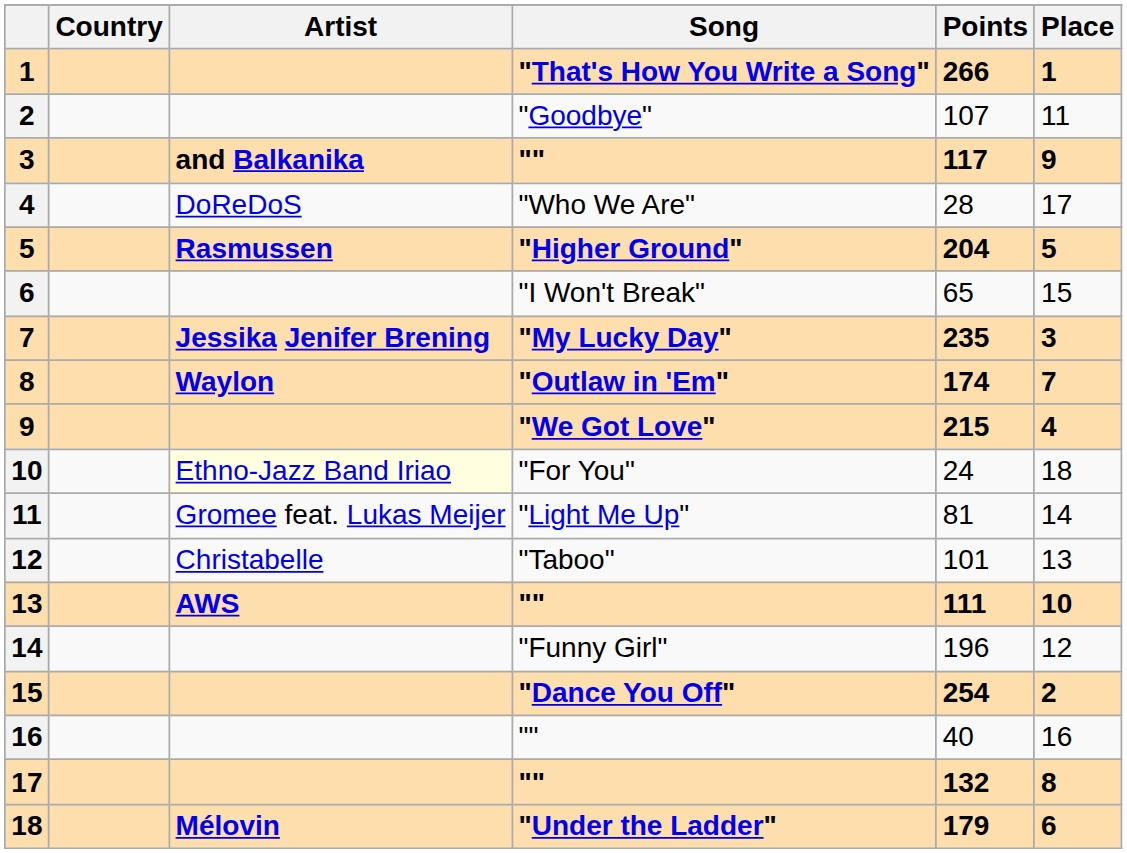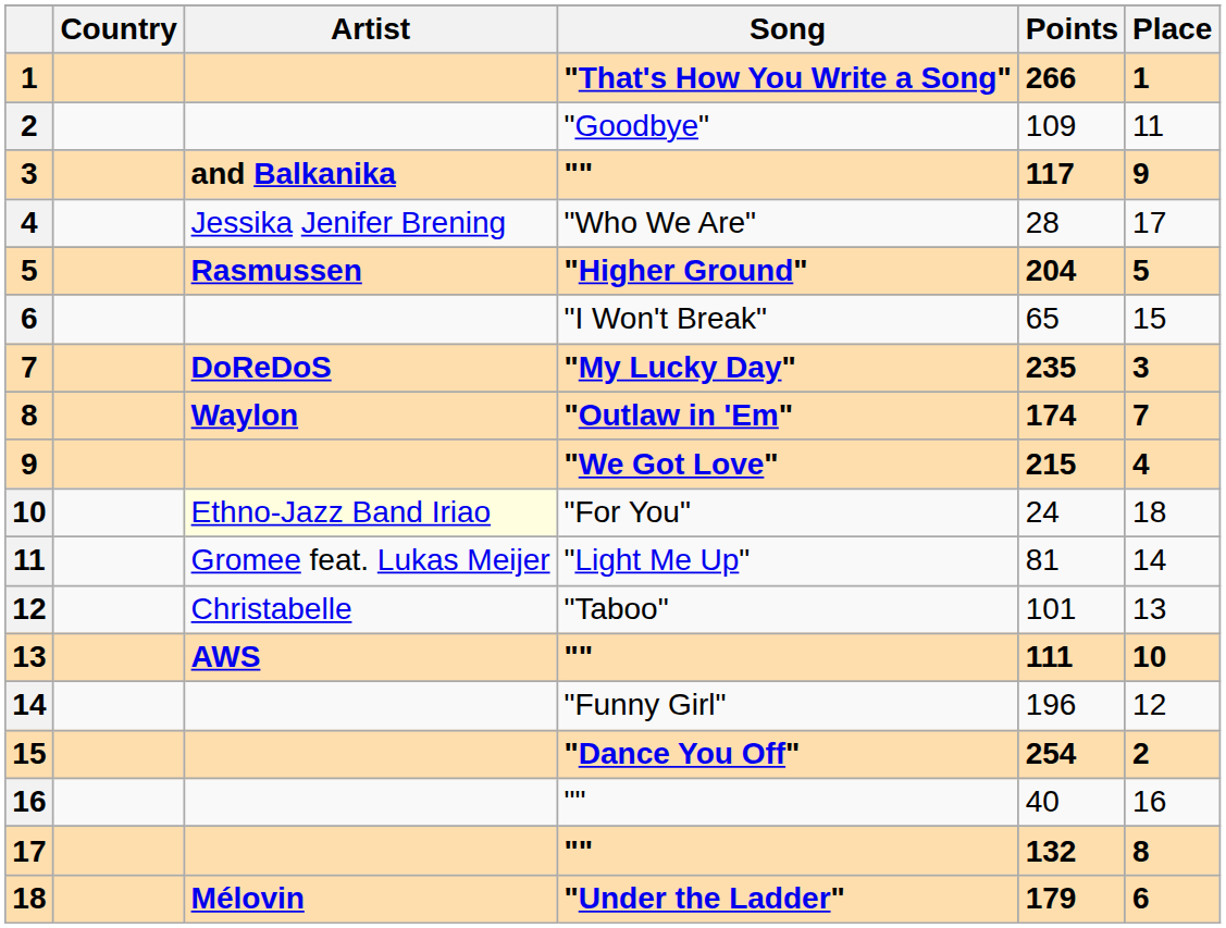 <table class="sortable wikitable plainrowheaders">
 <tr>
 </tr>
 <tr>
 <th scope="col"></th>
 <th scope="col">Country</th>
 <th scope="col">Artist</th>
 <th scope="col">Song</th>
 <th scope="col">Points</th>
 <th scope="col">Place</th>
 </tr>
 <tr style="font-weight:bold; background:navajowhite;">
 <th scope="row" style="text-align:center; font-weight:bold; background:navajowhite;">1</th>
 <td></td>
 <td></td>
 <td>"<a href='#'>That's How You Write a Song</a>"</td>
 <td>266</td>
 <td>1</td>
 </tr>
 <tr>
 <th scope="row" style="text-align:center;">2</th>
 <td></td>
 <td></td>
 <td>"<a href='#'>Goodbye</a>"</td>
-<td>107</td>
+<td>109</td>
 <td>11</td>
 </tr>
 <tr style="font-weight:bold; background:navajowhite;">
 <th scope="row" style="text-align:center; font-weight:bold; background:navajowhite;">3</th>
 <td></td>
 <td> and <a href='#'>Balkanika</a></td>
 <td>""</td>
 <td>117</td>
 <td>9</td>
 </tr>
 <tr>
 <th scope="row" style="text-align:center;">4</th>
 <td></td>
-<td><a href='#'>DoReDoS</a></td>
+<td><a href='#'>Jessika</a>  <a href='#'>Jenifer Brening</a></td>
 <td>"Who We Are"</td>
 <td>28</td>
 <td>17</td>
 </tr>
 <tr style="font-weight:bold; background:navajowhite;">
 <th scope="row" style="text-align:center; font-weight:bold; background:navajowhite;">5</th>
 <td></td>
 <td><a href='#'>Rasmussen</a></td>
 <td>"<a href='#'>Higher Ground</a>"</td>
 <td>204</td>
 <td>5</td>
 </tr>
 <tr>
 <th scope="row" style="text-align:center;">6</th>
 <td></td>
 <td></td>
 <td>"I Won't Break"</td>
 <td>65</td>
 <td>15</td>
 </tr>
 <tr style="font-weight:bold; background:navajowhite;">
 <th scope="row" style="text-align:center; font-weight:bold; background:navajowhite;">7</th>
 <td></td>
-<td><a href='#'>Jessika</a>  <a href='#'>Jenifer Brening</a></td>
+<td><a href='#'>DoReDoS</a></td>
 <td>"<a href='#'>My Lucky Day</a>"</td>
 <td>235</td>
 <td>3</td>
 </tr>
 <tr style="font-weight:bold; background:navajowhite;">
 <th scope="row" style="text-align:center; font-weight:bold; background:navajowhite;">8</th>
 <td></td>
 <td><a href='#'>Waylon</a></td>
 <td>"<a href='#'>Outlaw in 'Em</a>"</td>
 <td>174</td>
 <td>7</td>
 </tr>
 <tr style="font-weight:bold; background:navajowhite;">
 <th scope="row" style="text-align:center; font-weight:bold; background:navajowhite;">9</th>
 <td></td>
 <td></td>
 <td>"<a href='#'>We Got Love</a>"</td>
 <td>215</td>
 <td>4</td>
 </tr>
 <tr>
 <th scope="row" style="text-align:center;">10</th>
 <td></td>
 <td data-sort-value="Iriao" style="background: lightyellow;"><a href='#'>Ethno-Jazz Band Iriao</a></td>
 <td>"For You"</td>
 <td>24</td>
 <td>18</td>
 </tr>
 <tr>
 <th scope="row" style="text-align:center;">11</th>
 <td></td>
 <td><a href='#'>Gromee</a> feat. <a href='#'>Lukas Meijer</a></td>
 <td>"<a href='#'>Light Me Up</a>"</td>
 <td>81</td>
 <td>14</td>
 </tr>
 <tr>
 <th scope="row" style="text-align:center;">12</th>
 <td></td>
 <td><a href='#'>Christabelle</a></td>
 <td>"Taboo"</td>
 <td>101</td>
 <td>13</td>
 </tr>
 <tr style="font-weight:bold; background:navajowhite;">
 <th scope="row" style="text-align:center; font-weight:bold; background:navajowhite;">13</th>
 <td></td>
 <td><a href='#'>AWS</a></td>
 <td>""</td>
 <td>111</td>
 <td>10</td>
 </tr>
 <tr>
 <th scope="row" style="text-align:center;">14</th>
 <td></td>
 <td></td>
 <td>"Funny Girl"</td>
 <td>196</td>
 <td>12</td>
 </tr>
 <tr style="font-weight:bold; background:navajowhite;">
 <th scope="row" style="text-align:center; font-weight:bold; background:navajowhite;">15</th>
 <td></td>
 <td></td>
 <td>"<a href='#'>Dance You Off</a>"</td>
 <td>254</td>
 <td>2</td>
 </tr>
 <tr>
 <th scope="row" style="text-align:center;">16</th>
 <td></td>
 <td></td>
 <td>""</td>
 <td>40</td>
 <td>16</td>
 </tr>
 <tr style="font-weight:bold; background:navajowhite;">
 <th scope="row" style="text-align:center; font-weight:bold; background:navajowhite;">17</th>
 <td></td>
 <td></td>
 <td>""</td>
 <td>132</td>
 <td>8</td>
 </tr>
 <tr style="font-weight:bold; background:navajowhite;">
 <th scope="row" style="text-align:center; font-weight:bold; background:navajowhite;">18</th>
 <td></td>
 <td><a href='#'>Mélovin</a></td>
 <td>"<a href='#'>Under the Ladder</a>"</td>
 <td>179</td>
 <td>6</td>
 </tr>
 </table>
